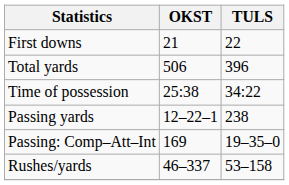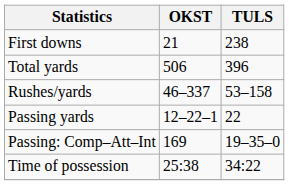 <table class="wikitable" style="float: left;">
 <tr>
 <th>Statistics</th>
 <th>OKST</th>
 <th>TULS</th>
 </tr>
 <tr>
 <td>First downs</td>
 <td>21</td>
-<td>22</td>
+<td>238</td>
 </tr>
 <tr>
 <td>Total yards</td>
 <td>506</td>
 <td>396</td>
 </tr>
 <tr>
-<td>Time of possession</td>
-<td>25:38</td>
-<td>34:22</td>
+<td>Rushes/yards</td>
+<td>46–337</td>
+<td>53–158</td>
 </tr>
 <tr>
 <td>Passing yards</td>
 <td>12–22–1</td>
-<td>238</td>
+<td>22</td>
 </tr>
 <tr>
 <td>Passing: Comp–Att–Int</td>
 <td>169</td>
 <td>19–35–0</td>
 </tr>
 <tr>
-<td>Rushes/yards</td>
-<td>46–337</td>
-<td>53–158</td>
+<td>Time of possession</td>
+<td>25:38</td>
+<td>34:22</td>
 </tr>
 <tr>
 </tr>
 </table>
